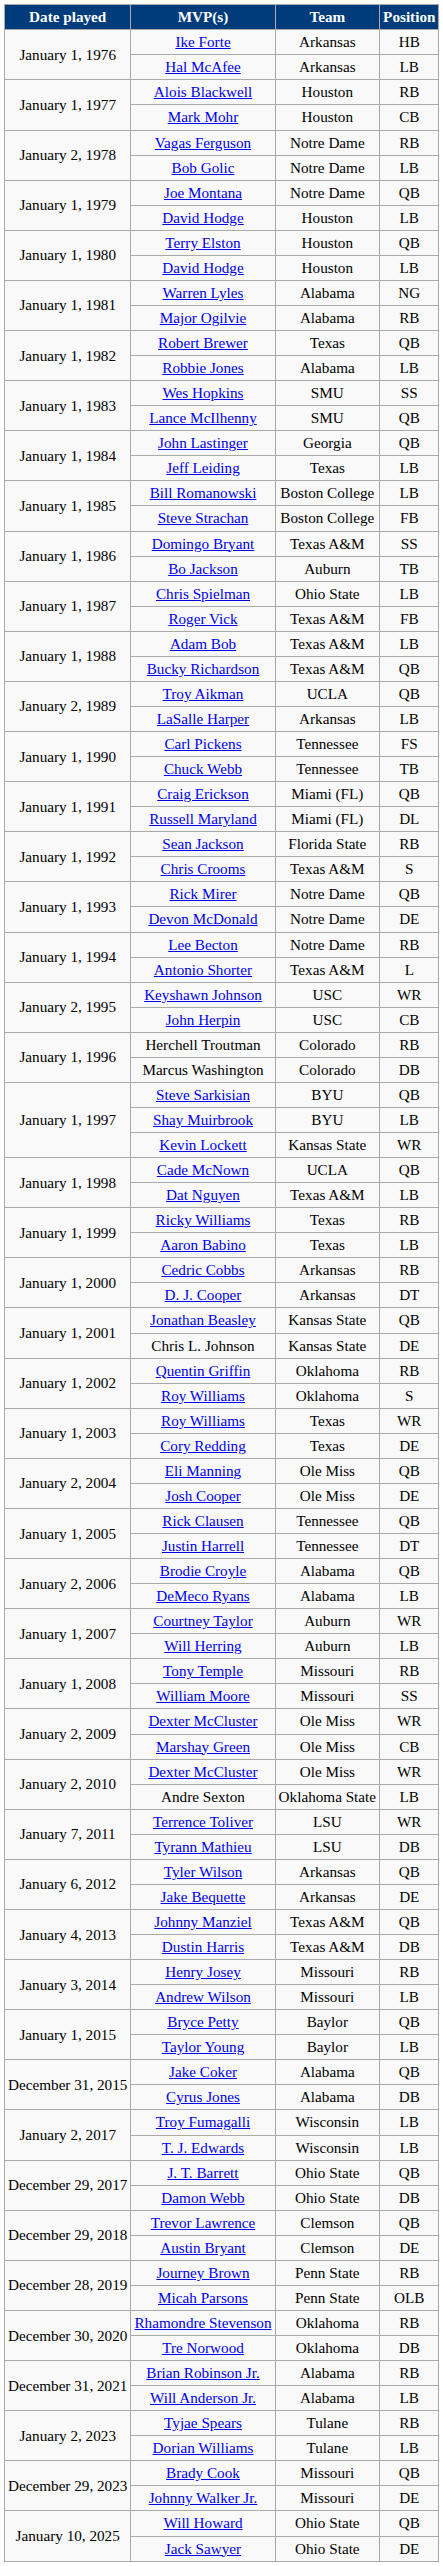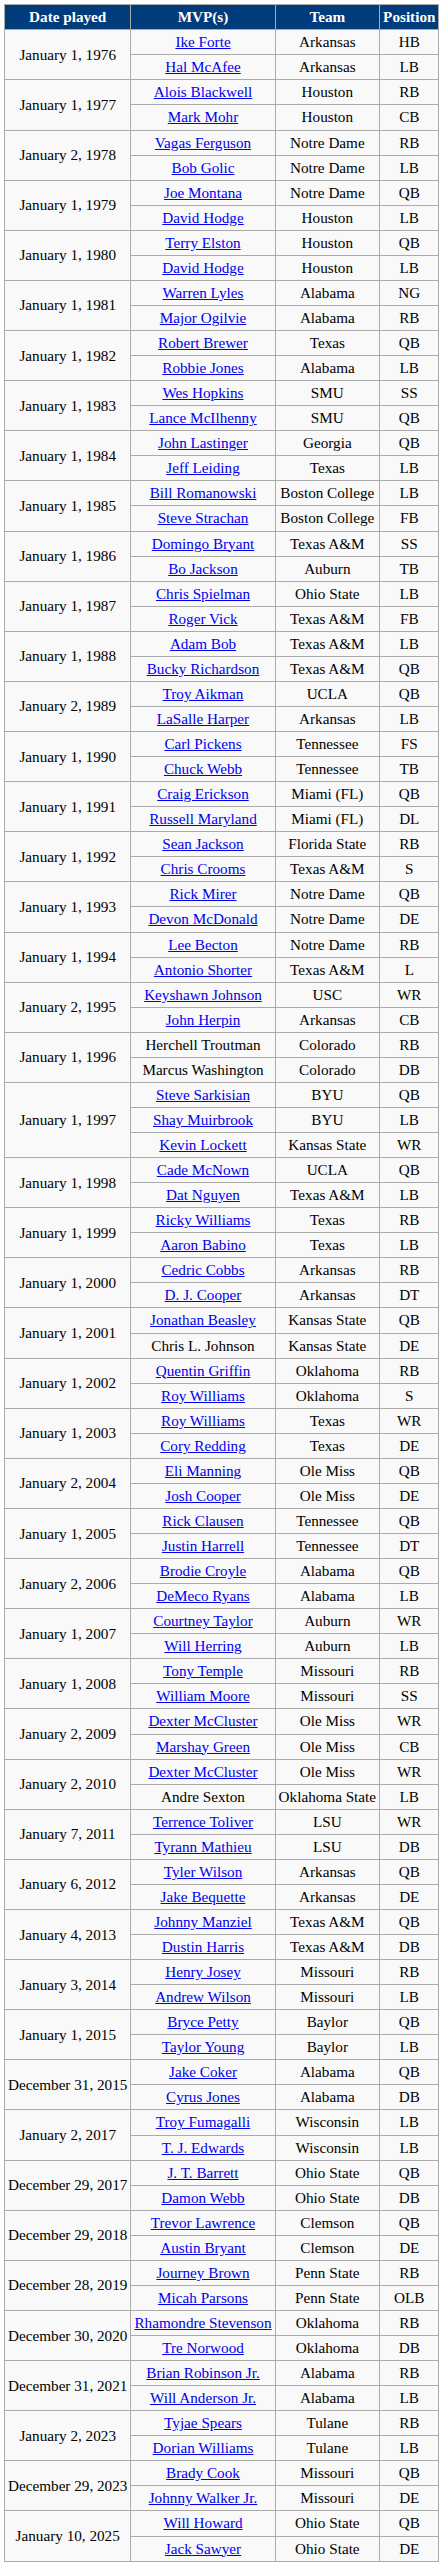 <table class="wikitable" style="text-align:center; font-size: 95%;">
 <tr>
 <th style="background:#003B7B; color:#FFFFFF; ">Date played</th>
 <th style="background:#003B7B; color:#FFFFFF; ">MVP(s)</th>
 <th style="background:#003B7B; color:#FFFFFF; ">Team</th>
 <th style="background:#003B7B; color:#FFFFFF; ">Position</th>
 </tr>
 <tr>
 <td rowspan=2>January 1, 1976</td>
 <td><a href='#'>Ike Forte</a></td>
 <td>Arkansas</td>
 <td>HB</td>
 </tr>
 <tr>
 <td><a href='#'>Hal McAfee</a></td>
 <td>Arkansas</td>
 <td>LB</td>
 </tr>
 <tr>
 <td rowspan=2>January 1, 1977</td>
 <td><a href='#'>Alois Blackwell</a></td>
 <td>Houston</td>
 <td>RB</td>
 </tr>
 <tr>
 <td><a href='#'>Mark Mohr</a></td>
 <td>Houston</td>
 <td>CB</td>
 </tr>
 <tr>
 <td rowspan=2>January 2, 1978</td>
 <td><a href='#'>Vagas Ferguson</a></td>
 <td>Notre Dame</td>
 <td>RB</td>
 </tr>
 <tr>
 <td><a href='#'>Bob Golic</a></td>
 <td>Notre Dame</td>
 <td>LB</td>
 </tr>
 <tr>
 <td rowspan=2>January 1, 1979</td>
 <td><a href='#'>Joe Montana</a></td>
 <td>Notre Dame</td>
 <td>QB</td>
 </tr>
 <tr>
 <td><a href='#'>David Hodge</a></td>
 <td>Houston</td>
 <td>LB</td>
 </tr>
 <tr>
 <td rowspan=2>January 1, 1980</td>
 <td><a href='#'>Terry Elston</a></td>
 <td>Houston</td>
 <td>QB</td>
 </tr>
 <tr>
 <td><a href='#'>David Hodge</a></td>
 <td>Houston</td>
 <td>LB</td>
 </tr>
 <tr>
 <td rowspan=2>January 1, 1981</td>
 <td><a href='#'>Warren Lyles</a></td>
 <td>Alabama</td>
 <td>NG</td>
 </tr>
 <tr>
 <td><a href='#'>Major Ogilvie</a></td>
 <td>Alabama</td>
 <td>RB</td>
 </tr>
 <tr>
 <td rowspan=2>January 1, 1982</td>
 <td><a href='#'>Robert Brewer</a></td>
 <td>Texas</td>
 <td>QB</td>
 </tr>
 <tr>
 <td><a href='#'>Robbie Jones</a></td>
 <td>Alabama</td>
 <td>LB</td>
 </tr>
 <tr>
 <td rowspan=2>January 1, 1983</td>
 <td><a href='#'>Wes Hopkins</a></td>
 <td>SMU</td>
 <td>SS</td>
 </tr>
 <tr>
 <td><a href='#'>Lance McIlhenny</a></td>
 <td>SMU</td>
 <td>QB</td>
 </tr>
 <tr>
 <td rowspan=2>January 1, 1984</td>
 <td><a href='#'>John Lastinger</a></td>
 <td>Georgia</td>
 <td>QB</td>
 </tr>
 <tr>
 <td><a href='#'>Jeff Leiding</a></td>
 <td>Texas</td>
 <td>LB</td>
 </tr>
 <tr>
 <td rowspan=2>January 1, 1985</td>
 <td><a href='#'>Bill Romanowski</a></td>
 <td>Boston College</td>
 <td>LB</td>
 </tr>
 <tr>
 <td><a href='#'>Steve Strachan</a></td>
 <td>Boston College</td>
 <td>FB</td>
 </tr>
 <tr>
 <td rowspan=2>January 1, 1986</td>
 <td><a href='#'>Domingo Bryant</a></td>
 <td>Texas A&M</td>
 <td>SS</td>
 </tr>
 <tr>
 <td><a href='#'>Bo Jackson</a></td>
 <td>Auburn</td>
 <td>TB</td>
 </tr>
 <tr>
 <td rowspan=2>January 1, 1987</td>
 <td><a href='#'>Chris Spielman</a></td>
 <td>Ohio State</td>
 <td>LB</td>
 </tr>
 <tr>
 <td><a href='#'>Roger Vick</a></td>
 <td>Texas A&M</td>
 <td>FB</td>
 </tr>
 <tr>
 <td rowspan=2>January 1, 1988</td>
 <td><a href='#'>Adam Bob</a></td>
 <td>Texas A&M</td>
 <td>LB</td>
 </tr>
 <tr>
 <td><a href='#'>Bucky Richardson</a></td>
 <td>Texas A&M</td>
 <td>QB</td>
 </tr>
 <tr>
 <td rowspan=2>January 2, 1989</td>
 <td><a href='#'>Troy Aikman</a></td>
 <td>UCLA</td>
 <td>QB</td>
 </tr>
 <tr>
 <td><a href='#'>LaSalle Harper</a></td>
 <td>Arkansas</td>
 <td>LB</td>
 </tr>
 <tr>
 <td rowspan=2>January 1, 1990</td>
 <td><a href='#'>Carl Pickens</a></td>
 <td>Tennessee</td>
 <td>FS</td>
 </tr>
 <tr>
 <td><a href='#'>Chuck Webb</a></td>
 <td>Tennessee</td>
 <td>TB</td>
 </tr>
 <tr>
 <td rowspan=2>January 1, 1991</td>
 <td><a href='#'>Craig Erickson</a></td>
 <td>Miami (FL)</td>
 <td>QB</td>
 </tr>
 <tr>
 <td><a href='#'>Russell Maryland</a></td>
 <td>Miami (FL)</td>
 <td>DL</td>
 </tr>
 <tr>
 <td rowspan=2>January 1, 1992</td>
 <td><a href='#'>Sean Jackson</a></td>
 <td>Florida State</td>
 <td>RB</td>
 </tr>
 <tr>
 <td><a href='#'>Chris Crooms</a></td>
 <td>Texas A&M</td>
 <td>S</td>
 </tr>
 <tr>
 <td rowspan=2>January 1, 1993</td>
 <td><a href='#'>Rick Mirer</a></td>
 <td>Notre Dame</td>
 <td>QB</td>
 </tr>
 <tr>
 <td><a href='#'>Devon McDonald</a></td>
 <td>Notre Dame</td>
 <td>DE</td>
 </tr>
 <tr>
 <td rowspan=2>January 1, 1994</td>
 <td><a href='#'>Lee Becton</a></td>
 <td>Notre Dame</td>
 <td>RB</td>
 </tr>
 <tr>
 <td><a href='#'>Antonio Shorter</a></td>
 <td>Texas A&M</td>
 <td>L</td>
 </tr>
 <tr>
 <td rowspan=2>January 2, 1995</td>
 <td><a href='#'>Keyshawn Johnson</a></td>
 <td>USC</td>
 <td>WR</td>
 </tr>
 <tr>
 <td><a href='#'>John Herpin</a></td>
-<td>USC</td>
+<td>Arkansas</td>
 <td>CB</td>
 </tr>
 <tr>
 <td rowspan=2>January 1, 1996</td>
 <td>Herchell Troutman</td>
 <td>Colorado</td>
 <td>RB</td>
 </tr>
 <tr>
 <td>Marcus Washington</td>
 <td>Colorado</td>
 <td>DB</td>
 </tr>
 <tr>
 <td rowspan = "3">January 1, 1997</td>
 <td><a href='#'>Steve Sarkisian</a></td>
 <td>BYU</td>
 <td>QB</td>
 </tr>
 <tr>
 <td><a href='#'>Shay Muirbrook</a></td>
 <td>BYU</td>
 <td>LB</td>
 </tr>
 <tr>
 <td><a href='#'>Kevin Lockett</a></td>
 <td>Kansas State</td>
 <td>WR</td>
 </tr>
 <tr>
 <td rowspan=2>January 1, 1998</td>
 <td><a href='#'>Cade McNown</a></td>
 <td>UCLA</td>
 <td>QB</td>
 </tr>
 <tr>
 <td><a href='#'>Dat Nguyen</a></td>
 <td>Texas A&M</td>
 <td>LB</td>
 </tr>
 <tr>
 <td rowspan=2>January 1, 1999</td>
 <td><a href='#'>Ricky Williams</a></td>
 <td>Texas</td>
 <td>RB</td>
 </tr>
 <tr>
 <td><a href='#'>Aaron Babino</a></td>
 <td>Texas</td>
 <td>LB</td>
 </tr>
 <tr>
 <td rowspan=2>January 1, 2000</td>
 <td><a href='#'>Cedric Cobbs</a></td>
 <td>Arkansas</td>
 <td>RB</td>
 </tr>
 <tr>
 <td><a href='#'>D. J. Cooper</a></td>
 <td>Arkansas</td>
 <td>DT</td>
 </tr>
 <tr>
 <td rowspan=2>January 1, 2001</td>
 <td><a href='#'>Jonathan Beasley</a></td>
 <td>Kansas State</td>
 <td>QB</td>
 </tr>
 <tr>
 <td>Chris L. Johnson</td>
 <td>Kansas State</td>
 <td>DE</td>
 </tr>
 <tr>
 <td rowspan=2>January 1, 2002</td>
 <td><a href='#'>Quentin Griffin</a></td>
 <td>Oklahoma</td>
 <td>RB</td>
 </tr>
 <tr>
 <td><a href='#'>Roy Williams</a></td>
 <td>Oklahoma</td>
 <td>S</td>
 </tr>
 <tr>
 <td rowspan=2>January 1, 2003</td>
 <td><a href='#'>Roy Williams</a></td>
 <td>Texas</td>
 <td>WR</td>
 </tr>
 <tr>
 <td><a href='#'>Cory Redding</a></td>
 <td>Texas</td>
 <td>DE</td>
 </tr>
 <tr>
 <td rowspan=2>January 2, 2004</td>
 <td><a href='#'>Eli Manning</a></td>
 <td>Ole Miss</td>
 <td>QB</td>
 </tr>
 <tr>
 <td><a href='#'>Josh Cooper</a></td>
 <td>Ole Miss</td>
 <td>DE</td>
 </tr>
 <tr>
 <td rowspan=2>January 1, 2005</td>
 <td><a href='#'>Rick Clausen</a></td>
 <td>Tennessee</td>
 <td>QB</td>
 </tr>
 <tr>
 <td><a href='#'>Justin Harrell</a></td>
 <td>Tennessee</td>
 <td>DT</td>
 </tr>
 <tr>
 <td rowspan=2>January 2, 2006</td>
 <td><a href='#'>Brodie Croyle</a></td>
 <td>Alabama</td>
 <td>QB</td>
 </tr>
 <tr>
 <td><a href='#'>DeMeco Ryans</a></td>
 <td>Alabama</td>
 <td>LB</td>
 </tr>
 <tr>
 <td rowspan=2>January 1, 2007</td>
 <td><a href='#'>Courtney Taylor</a></td>
 <td>Auburn</td>
 <td>WR</td>
 </tr>
 <tr>
 <td><a href='#'>Will Herring</a></td>
 <td>Auburn</td>
 <td>LB</td>
 </tr>
 <tr>
 <td rowspan=2>January 1, 2008</td>
 <td><a href='#'>Tony Temple</a></td>
 <td>Missouri</td>
 <td>RB</td>
 </tr>
 <tr>
 <td><a href='#'>William Moore</a></td>
 <td>Missouri</td>
 <td>SS</td>
 </tr>
 <tr>
 <td rowspan=2>January 2, 2009</td>
 <td><a href='#'>Dexter McCluster</a></td>
 <td>Ole Miss</td>
 <td>WR</td>
 </tr>
 <tr>
 <td><a href='#'>Marshay Green</a></td>
 <td>Ole Miss</td>
 <td>CB</td>
 </tr>
 <tr>
 <td rowspan=2>January 2, 2010</td>
 <td><a href='#'>Dexter McCluster</a></td>
 <td>Ole Miss</td>
 <td>WR</td>
 </tr>
 <tr>
 <td>Andre Sexton</td>
 <td>Oklahoma State</td>
 <td>LB</td>
 </tr>
 <tr>
 <td rowspan=2>January 7, 2011</td>
 <td><a href='#'>Terrence Toliver</a></td>
 <td>LSU</td>
 <td>WR</td>
 </tr>
 <tr>
 <td><a href='#'>Tyrann Mathieu</a></td>
 <td>LSU</td>
 <td>DB</td>
 </tr>
 <tr>
 <td rowspan=2>January 6, 2012</td>
 <td><a href='#'>Tyler Wilson</a></td>
 <td>Arkansas</td>
 <td>QB</td>
 </tr>
 <tr>
 <td><a href='#'>Jake Bequette</a></td>
 <td>Arkansas</td>
 <td>DE</td>
 </tr>
 <tr>
 <td rowspan=2>January 4, 2013</td>
 <td><a href='#'>Johnny Manziel</a></td>
 <td>Texas A&M</td>
 <td>QB</td>
 </tr>
 <tr>
 <td><a href='#'>Dustin Harris</a></td>
 <td>Texas A&M</td>
 <td>DB</td>
 </tr>
 <tr>
 <td rowspan=2>January 3, 2014</td>
 <td><a href='#'>Henry Josey</a></td>
 <td>Missouri</td>
 <td>RB</td>
 </tr>
 <tr>
 <td><a href='#'>Andrew Wilson</a></td>
 <td>Missouri</td>
 <td>LB</td>
 </tr>
 <tr>
 <td rowspan=2>January 1, 2015</td>
 <td><a href='#'>Bryce Petty</a></td>
 <td>Baylor</td>
 <td>QB</td>
 </tr>
 <tr>
 <td><a href='#'>Taylor Young</a></td>
 <td>Baylor</td>
 <td>LB</td>
 </tr>
 <tr>
 <td rowspan=2>December 31, 2015</td>
 <td><a href='#'>Jake Coker</a></td>
 <td>Alabama</td>
 <td>QB</td>
 </tr>
 <tr>
 <td><a href='#'>Cyrus Jones</a></td>
 <td>Alabama</td>
 <td>DB</td>
 </tr>
 <tr>
 <td rowspan=2>January 2, 2017</td>
 <td><a href='#'>Troy Fumagalli</a></td>
 <td>Wisconsin</td>
 <td>LB</td>
 </tr>
 <tr>
 <td><a href='#'>T. J. Edwards</a></td>
 <td>Wisconsin</td>
 <td>LB</td>
 </tr>
 <tr>
 <td rowspan=2>December 29, 2017</td>
 <td><a href='#'>J. T. Barrett</a></td>
 <td>Ohio State</td>
 <td>QB</td>
 </tr>
 <tr>
 <td><a href='#'>Damon Webb</a></td>
 <td>Ohio State</td>
 <td>DB</td>
 </tr>
 <tr>
 <td rowspan=2>December 29, 2018</td>
 <td><a href='#'>Trevor Lawrence</a></td>
 <td>Clemson</td>
 <td>QB</td>
 </tr>
 <tr>
 <td><a href='#'>Austin Bryant</a></td>
 <td>Clemson</td>
 <td>DE</td>
 </tr>
 <tr>
 <td rowspan=2>December 28, 2019</td>
 <td><a href='#'>Journey Brown</a></td>
 <td>Penn State</td>
 <td>RB</td>
 </tr>
 <tr>
 <td><a href='#'>Micah Parsons</a></td>
 <td>Penn State</td>
 <td>OLB</td>
 </tr>
 <tr>
 <td rowspan=2>December 30, 2020</td>
 <td><a href='#'>Rhamondre Stevenson</a></td>
 <td>Oklahoma</td>
 <td>RB</td>
 </tr>
 <tr>
 <td><a href='#'>Tre Norwood</a></td>
 <td>Oklahoma</td>
 <td>DB</td>
 </tr>
 <tr>
 <td rowspan=2>December 31, 2021</td>
 <td><a href='#'>Brian Robinson Jr.</a></td>
 <td>Alabama</td>
 <td>RB</td>
 </tr>
 <tr>
 <td><a href='#'>Will Anderson Jr.</a></td>
 <td>Alabama</td>
 <td>LB</td>
 </tr>
 <tr>
 <td rowspan=2>January 2, 2023</td>
 <td><a href='#'>Tyjae Spears</a></td>
 <td>Tulane</td>
 <td>RB</td>
 </tr>
 <tr>
 <td><a href='#'>Dorian Williams</a></td>
 <td>Tulane</td>
 <td>LB</td>
 </tr>
 <tr>
 <td rowspan=2>December 29, 2023</td>
 <td><a href='#'>Brady Cook</a></td>
 <td>Missouri</td>
 <td>QB</td>
 </tr>
 <tr>
 <td><a href='#'>Johnny Walker Jr.</a></td>
 <td>Missouri</td>
 <td>DE</td>
 </tr>
 <tr>
 <td rowspan=2>January 10, 2025</td>
 <td><a href='#'>Will Howard</a></td>
 <td>Ohio State</td>
 <td>QB</td>
 </tr>
 <tr>
 <td><a href='#'>Jack Sawyer</a></td>
 <td>Ohio State</td>
 <td>DE</td>
 </tr>
 </table>
